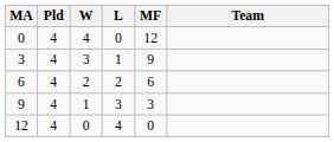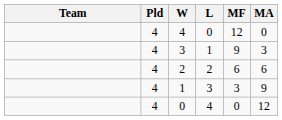 <table class="wikitable" style="text-align:center">
 <tr>
-<th width=30>MA</th>
+<th width=180>Team</th>
 <th width=30>Pld</th>
 <th width=30>W</th>
 <th width=30>L</th>
 <th width=30>MF</th>
-<th width=180>Team</th>
+<th width=30>MA</th>
 </tr>
 <tr bgcolor=>
-<td>0</td>
+<td style="text-align:left;"></td>
 <td>4</td>
 <td>4</td>
 <td>0</td>
 <td>12</td>
-<td style="text-align:left;"></td>
+<td>0</td>
 </tr>
 <tr bgcolor=>
-<td>3</td>
+<td style="text-align:left;"></td>
 <td>4</td>
 <td>3</td>
 <td>1</td>
 <td>9</td>
-<td style="text-align:left;"></td>
+<td>3</td>
 </tr>
 <tr bgcolor=>
-<td>6</td>
+<td style="text-align:left;"></td>
 <td>4</td>
 <td>2</td>
 <td>2</td>
 <td>6</td>
-<td style="text-align:left;"></td>
+<td>6</td>
 </tr>
 <tr bgcolor=>
-<td>9</td>
+<td style="text-align:left;"></td>
 <td>4</td>
 <td>1</td>
 <td>3</td>
 <td>3</td>
-<td style="text-align:left;"></td>
+<td>9</td>
 </tr>
 <tr bgcolor=>
-<td>12</td>
+<td style="text-align:left;"></td>
 <td>4</td>
 <td>0</td>
 <td>4</td>
 <td>0</td>
-<td style="text-align:left;"></td>
+<td>12</td>
 </tr>
 </table>
